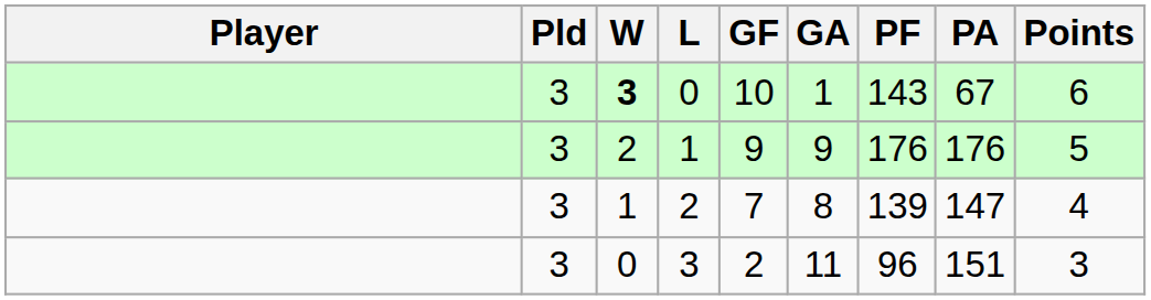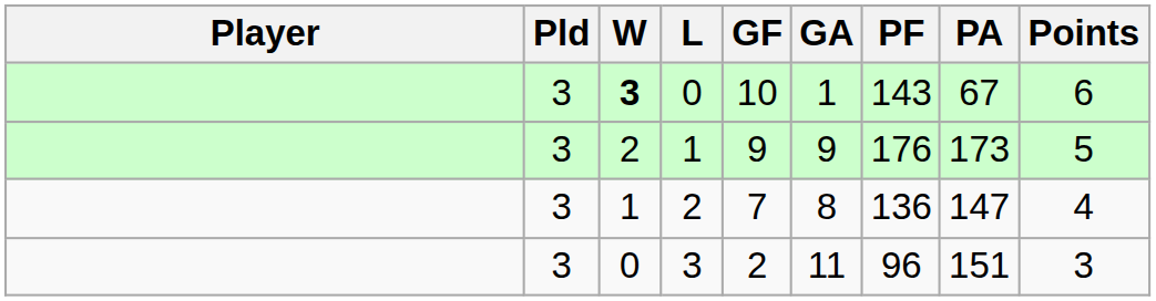 <table class=wikitable style="text-align:center">
 <tr>
 <th width=220>Player</th>
 <th width=20>Pld</th>
 <th width=20>W</th>
 <th width=20>L</th>
 <th width=20>GF</th>
 <th width=20>GA</th>
 <th width=20>PF</th>
 <th width=20>PA</th>
 <th width=50>Points</th>
 </tr>
 <tr bgcolor="#ccffcc">
 <td align=left></td>
 <td>3</td>
 <td><strong>3</strong></td>
 <td>0</td>
 <td>10</td>
 <td>1</td>
 <td>143</td>
 <td>67</td>
 <td>6</td>
 </tr>
 <tr bgcolor="#ccffcc">
 <td align=left></td>
 <td>3</td>
 <td>2</td>
 <td>1</td>
 <td>9</td>
 <td>9</td>
 <td>176</td>
-<td>176</td>
+<td>173</td>
 <td>5</td>
 </tr>
 <tr>
 <td align=left></td>
 <td>3</td>
 <td>1</td>
 <td>2</td>
 <td>7</td>
 <td>8</td>
-<td>139</td>
+<td>136</td>
 <td>147</td>
 <td>4</td>
 </tr>
 <tr>
 <td align=left></td>
 <td>3</td>
 <td>0</td>
 <td>3</td>
 <td>2</td>
 <td>11</td>
 <td>96</td>
 <td>151</td>
 <td>3</td>
 </tr>
 </table>
